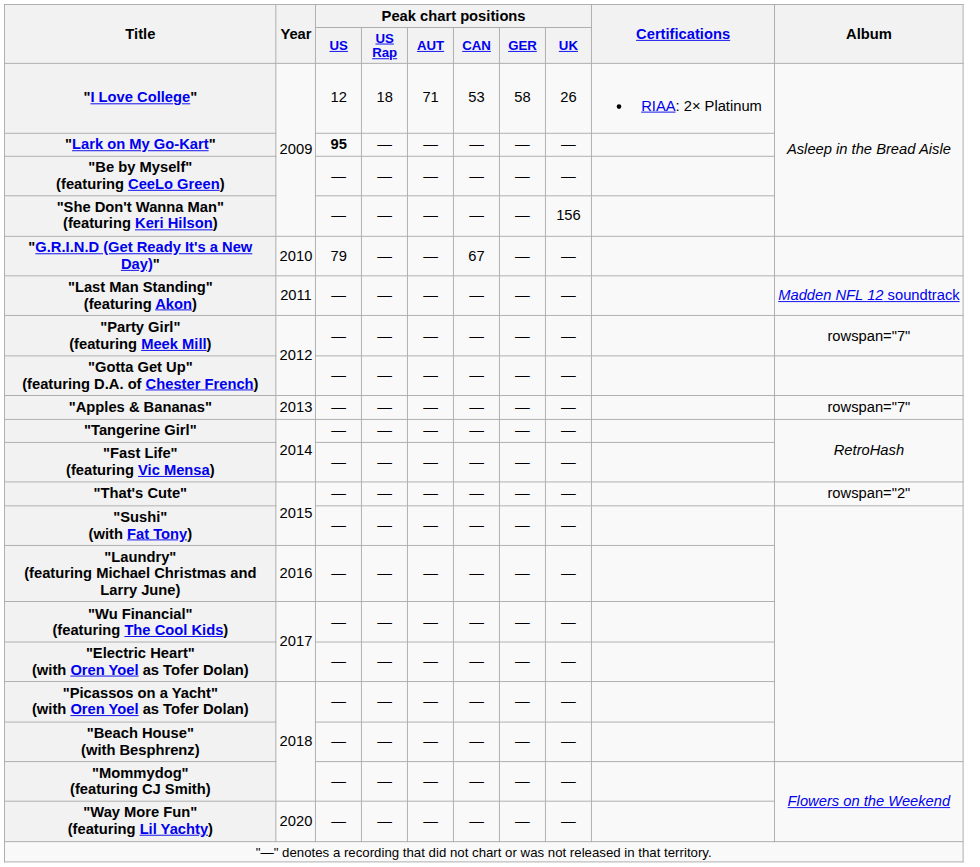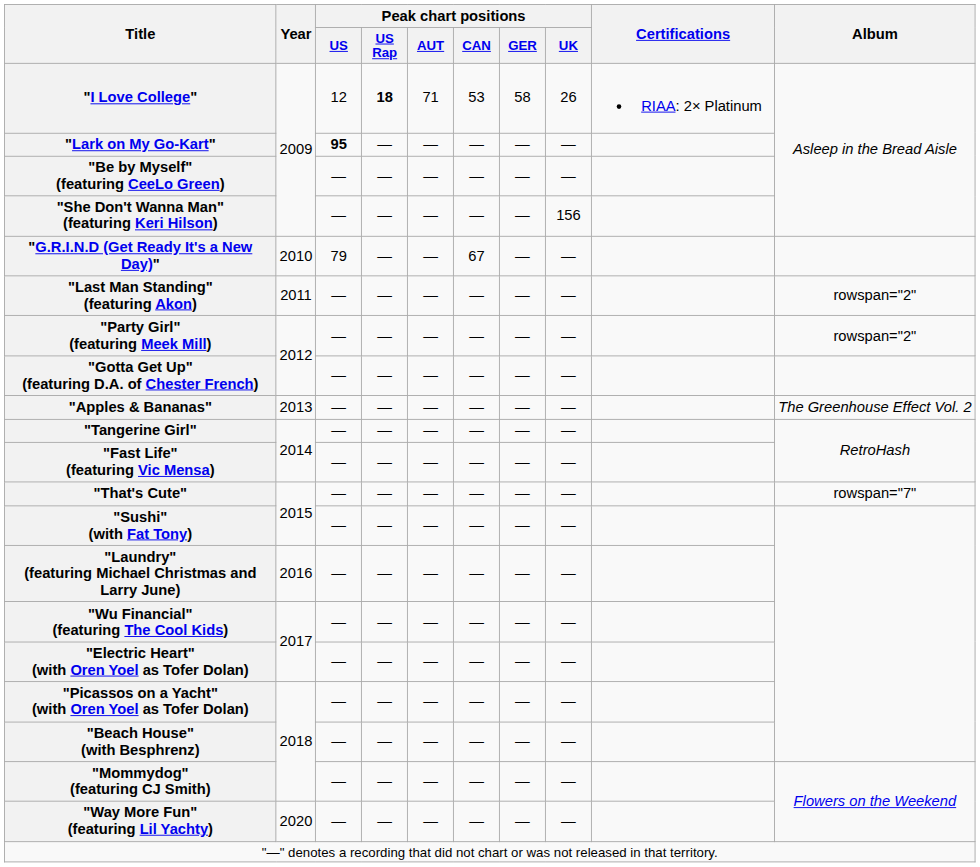 <table class="wikitable plainrowheaders" style="text-align:center;">
 <tr>
 <th scope="col" rowspan="2" style="width:18em;">Title</th>
 <th scope="col" rowspan="2">Year</th>
 <th scope="col" colspan="6">Peak chart positions</th>
 <th scope="col" rowspan="2" style="width:12em;"><a href='#'>Certifications</a></th>
 <th scope="col" rowspan="2">Album</th>
 </tr>
 <tr>
 <th scope="col" style="width:3em;font-size:90%;"><a href='#'>US</a><br></th>
 <th scope="col" style="width:3em;font-size:90%;"><a href='#'>US<br>Rap</a><br></th>
 <th scope="col" style="width:3em;font-size:90%;"><a href='#'>AUT</a><br></th>
 <th scope="col" style="width:3em;font-size:90%;"><a href='#'>CAN</a><br></th>
 <th scope="col" style="width:3em;font-size:90%;"><a href='#'>GER</a><br></th>
 <th scope="col" style="width:3em;font-size:90%;"><a href='#'>UK</a><br></th>
 </tr>
 <tr>
 <th scope="row">"<a href='#'>I Love College</a>"</th>
 <td rowspan="4">2009</td>
 <td>12</td>
-<td>18</td>
+<td><strong>18</strong></td>
 <td>71</td>
 <td>53</td>
 <td>58</td>
 <td>26</td>
 <td><br><ul><li><a href='#'>RIAA</a>: 2× Platinum</li></ul></td>
 <td rowspan="4"><em>Asleep in the Bread Aisle</em></td>
 </tr>
 <tr>
 <th scope="row">"<a href='#'>Lark on My Go-Kart</a>"</th>
 <td><strong>95</strong></td>
 <td>—</td>
 <td>—</td>
 <td>—</td>
 <td>—</td>
 <td>—</td>
 <td></td>
 </tr>
 <tr>
 <th scope="row">"Be by Myself"<br><span>(featuring <a href='#'>CeeLo Green</a>)</span></th>
 <td>—</td>
 <td>—</td>
 <td>—</td>
 <td>—</td>
 <td>—</td>
 <td>—</td>
 <td></td>
 </tr>
 <tr>
 <th scope="row">"She Don't Wanna Man"<br><span>(featuring <a href='#'>Keri Hilson</a>)</span></th>
 <td>—</td>
 <td>—</td>
 <td>—</td>
 <td>—</td>
 <td>—</td>
 <td>156</td>
 <td></td>
 </tr>
 <tr>
 <th scope="row">"<a href='#'>G.R.I.N.D (Get Ready It's a New Day)</a>"</th>
 <td>2010</td>
 <td>79</td>
 <td>—</td>
 <td>—</td>
 <td>67</td>
 <td>—</td>
 <td>—</td>
 <td></td>
 <td></td>
 </tr>
 <tr>
 <th scope="row">"Last Man Standing"<br><span>(featuring <a href='#'>Akon</a>)</span></th>
 <td>2011</td>
 <td>—</td>
 <td>—</td>
 <td>—</td>
 <td>—</td>
 <td>—</td>
 <td>—</td>
 <td></td>
-<td><a href='#'><em>Madden NFL 12</em> soundtrack</a></td>
+<td>rowspan="2" </td>
 </tr>
 <tr>
 <th scope="row">"Party Girl"<br><span>(featuring <a href='#'>Meek Mill</a>)</span></th>
 <td rowspan="2">2012</td>
 <td>—</td>
 <td>—</td>
 <td>—</td>
 <td>—</td>
 <td>—</td>
 <td>—</td>
 <td></td>
-<td>rowspan="7" </td>
+<td>rowspan="2" </td>
 </tr>
 <tr>
 <th scope="row">"Gotta Get Up"<br><span>(featuring D.A. of <a href='#'>Chester French</a>)</span></th>
 <td>—</td>
 <td>—</td>
 <td>—</td>
 <td>—</td>
 <td>—</td>
 <td>—</td>
 <td></td>
 </tr>
 <tr>
 <th scope="row">"Apples & Bananas"</th>
 <td>2013</td>
 <td>—</td>
 <td>—</td>
 <td>—</td>
 <td>—</td>
 <td>—</td>
 <td>—</td>
 <td></td>
-<td>rowspan="7" </td>
+<td><em>The Greenhouse Effect Vol. 2</em></td>
 </tr>
 <tr>
 <th scope="row">"Tangerine Girl"</th>
 <td rowspan="2">2014</td>
 <td>—</td>
 <td>—</td>
 <td>—</td>
 <td>—</td>
 <td>—</td>
 <td>—</td>
 <td></td>
 <td rowspan="2"><em>RetroHash</em></td>
 </tr>
 <tr>
 <th scope="row">"Fast Life"<br><span>(featuring <a href='#'>Vic Mensa</a>)</span></th>
 <td>—</td>
 <td>—</td>
 <td>—</td>
 <td>—</td>
 <td>—</td>
 <td>—</td>
 <td></td>
 </tr>
 <tr>
 <th scope="row">"That's Cute"</th>
 <td rowspan="2">2015</td>
 <td>—</td>
 <td>—</td>
 <td>—</td>
 <td>—</td>
 <td>—</td>
 <td>—</td>
 <td></td>
-<td>rowspan="2" </td>
+<td>rowspan="7" </td>
 </tr>
 <tr>
 <th scope="row">"Sushi"<br><span>(with <a href='#'>Fat Tony</a>)</span></th>
 <td>—</td>
 <td>—</td>
 <td>—</td>
 <td>—</td>
 <td>—</td>
 <td>—</td>
 <td></td>
 </tr>
 <tr>
 <th scope="row">"Laundry"<br><span>(featuring Michael Christmas and Larry June)</span></th>
 <td>2016</td>
 <td>—</td>
 <td>—</td>
 <td>—</td>
 <td>—</td>
 <td>—</td>
 <td>—</td>
 <td></td>
 </tr>
 <tr>
 <th scope="row">"Wu Financial"<br><span>(featuring <a href='#'>The Cool Kids</a>)</span></th>
 <td rowspan="2">2017</td>
 <td>—</td>
 <td>—</td>
 <td>—</td>
 <td>—</td>
 <td>—</td>
 <td>—</td>
 <td></td>
 </tr>
 <tr>
 <th scope="row">"Electric Heart"<br><span>(with <a href='#'>Oren Yoel</a> as Tofer Dolan)</span></th>
 <td>—</td>
 <td>—</td>
 <td>—</td>
 <td>—</td>
 <td>—</td>
 <td>—</td>
 <td></td>
 </tr>
 <tr>
 <th scope="row">"Picassos on a Yacht"<br><span>(with <a href='#'>Oren Yoel</a> as Tofer Dolan)</span></th>
 <td rowspan="3">2018</td>
 <td>—</td>
 <td>—</td>
 <td>—</td>
 <td>—</td>
 <td>—</td>
 <td>—</td>
 <td></td>
 </tr>
 <tr>
 <th scope="row">"Beach House"<br><span>(with Besphrenz)</span></th>
 <td>—</td>
 <td>—</td>
 <td>—</td>
 <td>—</td>
 <td>—</td>
 <td>—</td>
 <td></td>
 </tr>
 <tr>
 <th scope="row">"Mommydog"<br><span>(featuring CJ Smith)</span></th>
 <td>—</td>
 <td>—</td>
 <td>—</td>
 <td>—</td>
 <td>—</td>
 <td>—</td>
 <td></td>
 <td rowspan="2"><em><a href='#'>Flowers on the Weekend</a></em></td>
 </tr>
 <tr>
 <th scope="row">"Way More Fun"<br><span>(featuring <a href='#'>Lil Yachty</a>)</span></th>
 <td>2020</td>
 <td>—</td>
 <td>—</td>
 <td>—</td>
 <td>—</td>
 <td>—</td>
 <td>—</td>
 <td></td>
 </tr>
 <tr>
 <td colspan="14" style="font-size:90%">"—" denotes a recording that did not chart or was not released in that territory.</td>
 </tr>
 </table>
